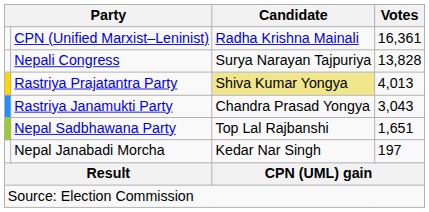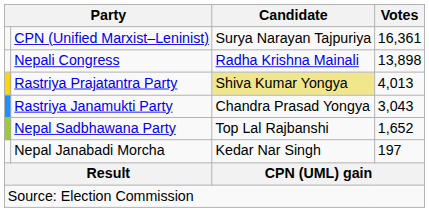 <table class="wikitable">
 <tr>
 <th colspan="2">Party</th>
 <th>Candidate</th>
 <th>Votes</th>
 </tr>
 <tr>
 <td style="background-color:"></td>
 <td><a href='#'>CPN (Unified Marxist–Leninist)</a></td>
-<td><a href='#'>Radha Krishna Mainali</a></td>
+<td>Surya Narayan Tajpuriya</td>
 <td>16,361</td>
 </tr>
 <tr>
 <td style="background-color:"></td>
 <td><a href='#'>Nepali Congress</a></td>
-<td>Surya Narayan Tajpuriya</td>
-<td>13,828</td>
+<td><a href='#'>Radha Krishna Mainali</a></td>
+<td>13,898</td>
 </tr>
 <tr>
 <td style="background-color:gold"></td>
 <td><a href='#'>Rastriya Prajatantra Party</a></td>
 <td style="background: khaki;">Shiva Kumar Yongya</td>
 <td>4,013</td>
 </tr>
 <tr>
 <td style="background-color:dodgerblue"></td>
 <td><a href='#'>Rastriya Janamukti Party</a></td>
 <td>Chandra Prasad Yongya</td>
 <td>3,043</td>
 </tr>
 <tr>
 <td style="background-color:yellowgreen"></td>
 <td><a href='#'>Nepal Sadbhawana Party</a></td>
 <td>Top Lal Rajbanshi</td>
-<td>1,651</td>
+<td>1,652</td>
 </tr>
 <tr>
 <td></td>
 <td>Nepal Janabadi Morcha</td>
 <td>Kedar Nar Singh</td>
 <td>197</td>
 </tr>
 <tr>
 <th colspan="2">Result</th>
 <th colspan="2">CPN (UML) gain</th>
 </tr>
 <tr>
 <td colspan="4">Source: Election Commission</td>
 </tr>
 </table>
